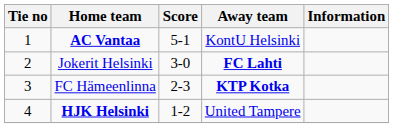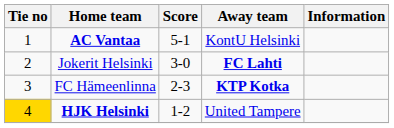 <table class="wikitable" style="text-align:center">
 <tr>
 <th style= width="40px">Tie no</th>
 <th style= width="150px">Home team</th>
 <th style= width="60px">Score</th>
 <th style= width="150px">Away team</th>
 <th style= width="30px">Information</th>
 </tr>
 <tr>
 <td>1</td>
 <td><strong><a href='#'>AC Vantaa</a></strong></td>
 <td>5-1</td>
 <td><a href='#'>KontU Helsinki</a></td>
 <td></td>
 </tr>
 <tr>
 <td>2</td>
 <td><a href='#'>Jokerit Helsinki</a></td>
 <td>3-0</td>
 <td><strong><a href='#'>FC Lahti</a></strong></td>
 <td></td>
 </tr>
 <tr>
 <td>3</td>
 <td><a href='#'>FC Hämeenlinna</a></td>
 <td>2-3</td>
 <td><strong><a href='#'>KTP Kotka</a></strong></td>
 <td></td>
 </tr>
 <tr>
-<td>4</td>
+<td style="background: gold;">4</td>
 <td><strong><a href='#'>HJK Helsinki</a></strong></td>
 <td>1-2</td>
 <td><a href='#'>United Tampere</a></td>
 <td></td>
 </tr>
 <tr>
 </tr>
 </table>
